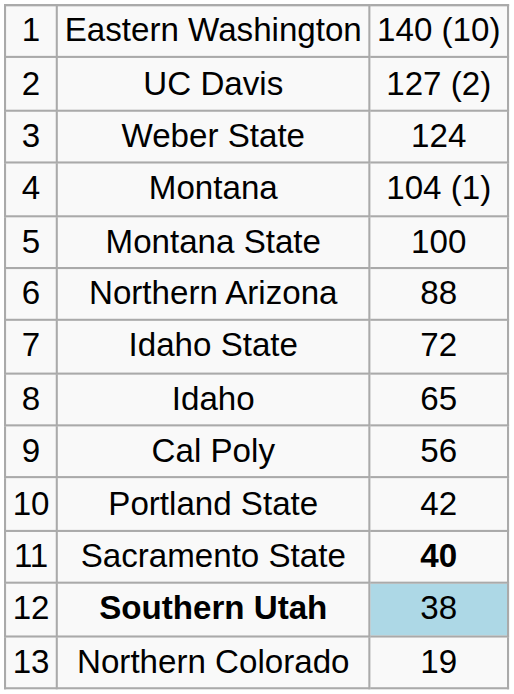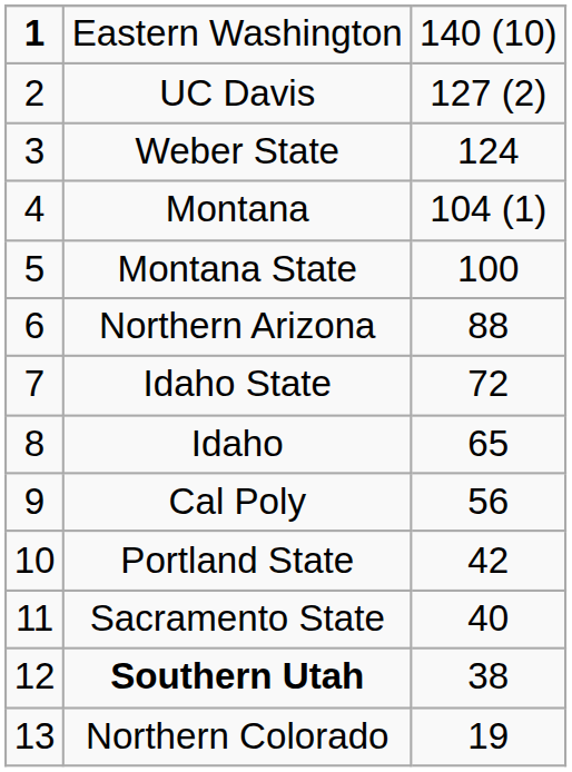 <table class="wikitable" style="display: inline-table;">
 <tr align="center">
 </tr>
 <tr align="center">
-<td>1</td>
+<td><strong>1</strong></td>
 <td>Eastern Washington</td>
 <td>140 (10)</td>
 </tr>
 <tr align="center">
 <td>2</td>
 <td>UC Davis</td>
 <td>127 (2)</td>
 </tr>
 <tr align="center">
 <td>3</td>
 <td>Weber State</td>
 <td>124</td>
 </tr>
 <tr align="center">
 <td>4</td>
 <td>Montana</td>
 <td>104 (1)</td>
 </tr>
 <tr align="center">
 <td>5</td>
 <td>Montana State</td>
 <td>100</td>
 </tr>
 <tr align="center">
 <td>6</td>
 <td>Northern Arizona</td>
 <td>88</td>
 </tr>
 <tr align="center">
 <td>7</td>
 <td>Idaho State</td>
 <td>72</td>
 </tr>
 <tr align="center">
 <td>8</td>
 <td>Idaho</td>
 <td>65</td>
 </tr>
 <tr align="center">
 <td>9</td>
 <td>Cal Poly</td>
 <td>56</td>
 </tr>
 <tr align="center">
 <td>10</td>
 <td>Portland State</td>
 <td>42</td>
 </tr>
 <tr align="center">
 <td>11</td>
 <td>Sacramento State</td>
-<td><strong>40</strong></td>
+<td>40</td>
 </tr>
 <tr align="center">
 <td>12</td>
 <td><strong>Southern Utah</strong></td>
-<td style="background: lightblue;">38</td>
+<td>38</td>
 </tr>
 <tr align="center">
 <td>13</td>
 <td>Northern Colorado</td>
 <td>19</td>
 </tr>
 </table>
